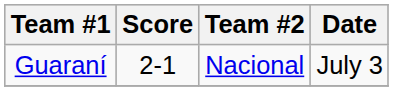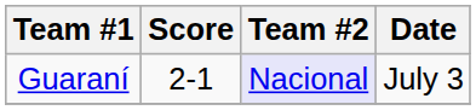 <table class="wikitable" style="text-align:center">
 <tr>
 <th>Team #1</th>
 <th>Score</th>
 <th>Team #2</th>
 <th>Date</th>
 </tr>
 <tr>
 <td><a href='#'>Guaraní</a></td>
 <td>2-1</td>
-<td><a href='#'>Nacional</a></td>
+<td style="background: lavender;"><a href='#'>Nacional</a></td>
 <td>July 3</td>
 </tr>
 <tr>
 </tr>
 </table>
